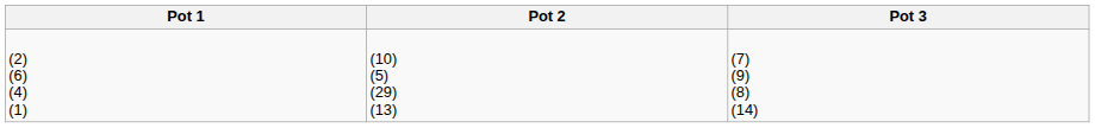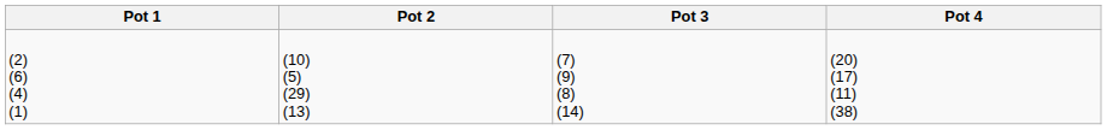 <table class="wikitable" style="width:90%;">
 <tr>
 <th width="15%"><strong>Pot 1</strong></th>
 <th width="15%"><strong>Pot 2</strong></th>
 <th width="15%"><strong>Pot 3</strong></th>
+<th width="15%"><strong>Pot 4</strong></th>
 </tr>
 <tr>
 <td nowrap="" valign="top"><br> (2)<br>  (6)<br>  (4)<br>  (1)<br></td>
 <td nowrap="" valign="top"><br> (10)<br>  (5)<br>  (29)<br>  (13)<br></td>
 <td nowrap="" valign="top"><br> (7)<br>  (9)<br>  (8)<br>  (14)<br></td>
+<td nowrap="" valign="top"><br> (20)<br>  (17)<br>  (11)<br>  (38)<br></td>
 </tr>
 </table>
